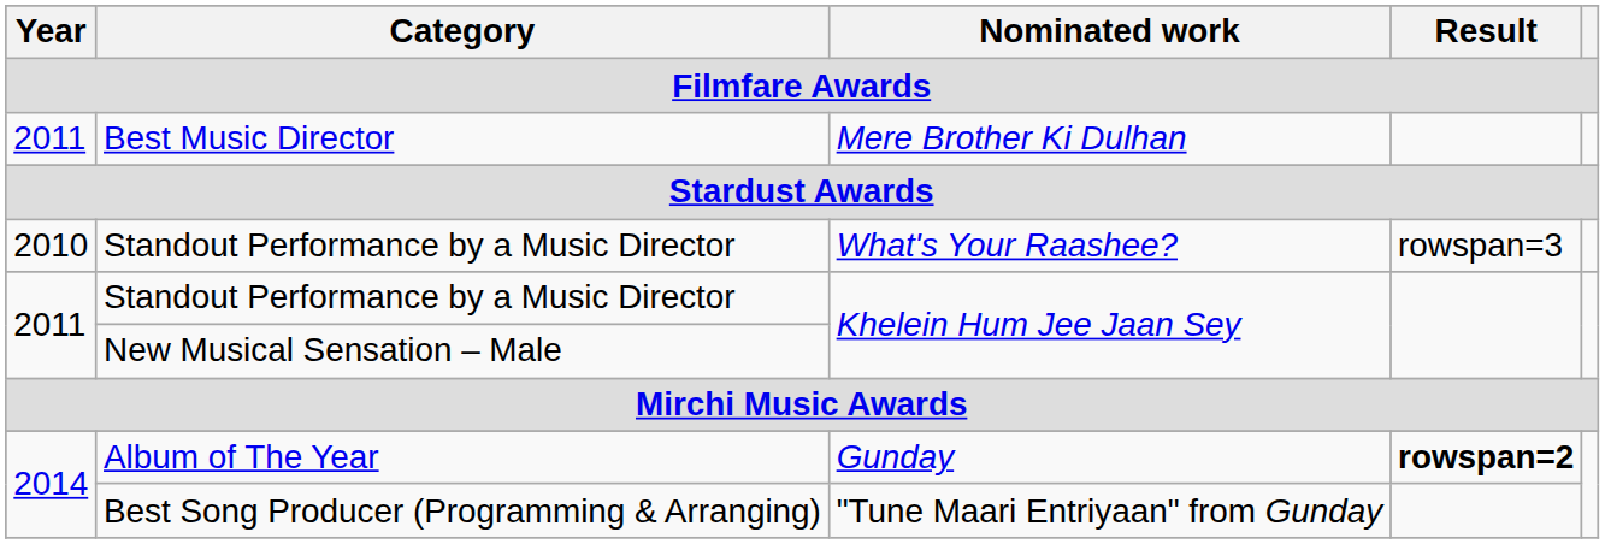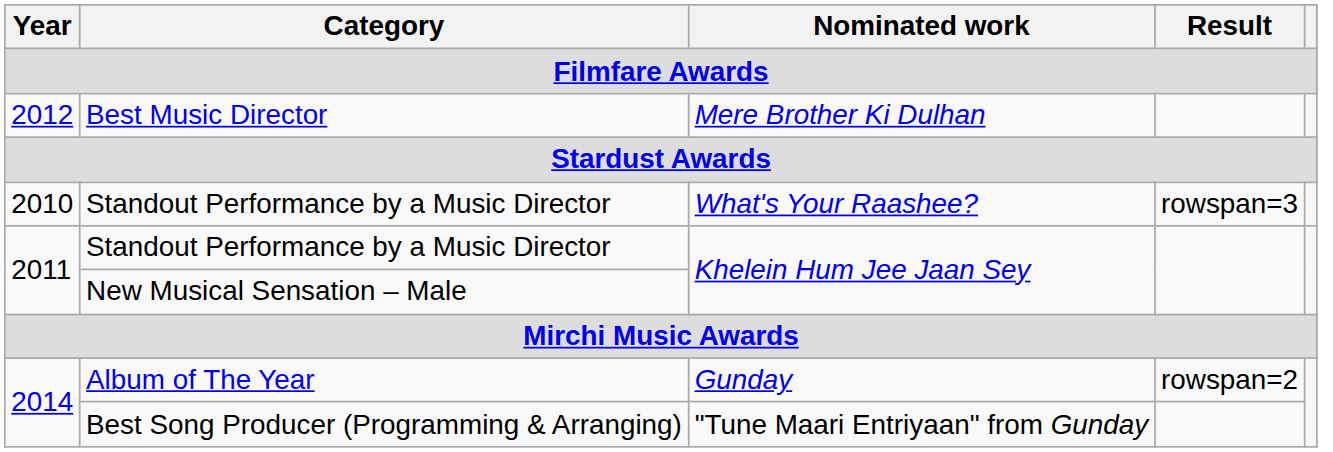 <table class="wikitable plainrowheaders">
 <tr>
 <th>Year</th>
 <th>Category</th>
 <th>Nominated work</th>
 <th>Result</th>
 <th></th>
 </tr>
 <tr>
 <td colspan="6" style="text-align: center; background:#ddd; "><strong><a href='#'>Filmfare Awards</a></strong></td>
 </tr>
 <tr>
-<td><a href='#'>2011</a></td>
+<td><a href='#'>2012</a></td>
 <td><a href='#'>Best Music Director</a></td>
 <td><em><a href='#'>Mere Brother Ki Dulhan</a></em></td>
 <td></td>
 <td style="text-align: center;"></td>
 </tr>
 <tr>
 <td colspan="6" style="text-align: center; background:#ddd; "><strong><a href='#'>Stardust Awards</a></strong></td>
 </tr>
 <tr>
 <td>2010</td>
 <td>Standout Performance by a Music Director</td>
 <td><em><a href='#'>What's Your Raashee?</a></em></td>
 <td>rowspan=3 </td>
 <td style="text-align: center;"></td>
 </tr>
 <tr>
 <td rowspan=2>2011</td>
 <td>Standout Performance by a Music Director</td>
 <td rowspan=2><em><a href='#'>Khelein Hum Jee Jaan Sey</a></em></td>
 <td rowspan=2 style="text-align: center;"></td>
 </tr>
 <tr>
 <td>New Musical Sensation – Male</td>
 </tr>
 <tr>
 <td colspan="6" style="text-align: center; background:#ddd; "><strong><a href='#'>Mirchi Music Awards</a></strong></td>
 </tr>
 <tr>
 <td rowspan=2><a href='#'>2014</a></td>
 <td><a href='#'>Album of The Year</a></td>
 <td><em><a href='#'>Gunday</a></em></td>
-<td><strong>rowspan=2 </strong></td>
+<td>rowspan=2 </td>
 <td rowspan=2 style="text-align: center;"></td>
 </tr>
 <tr>
 <td>Best Song Producer (Programming & Arranging)</td>
 <td>"Tune Maari Entriyaan" from <em>Gunday</em></td>
 </tr>
 </table>
